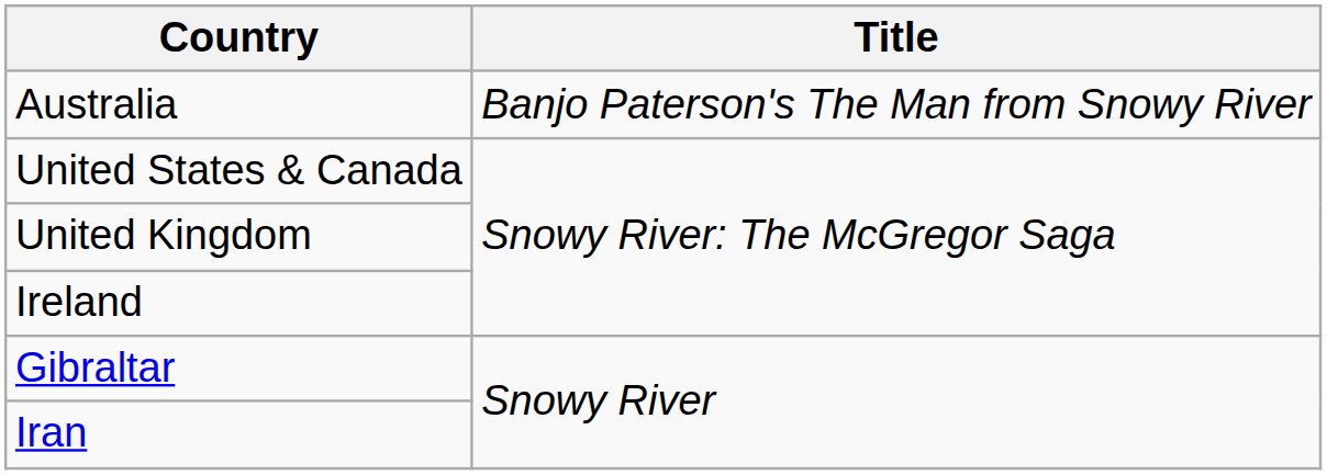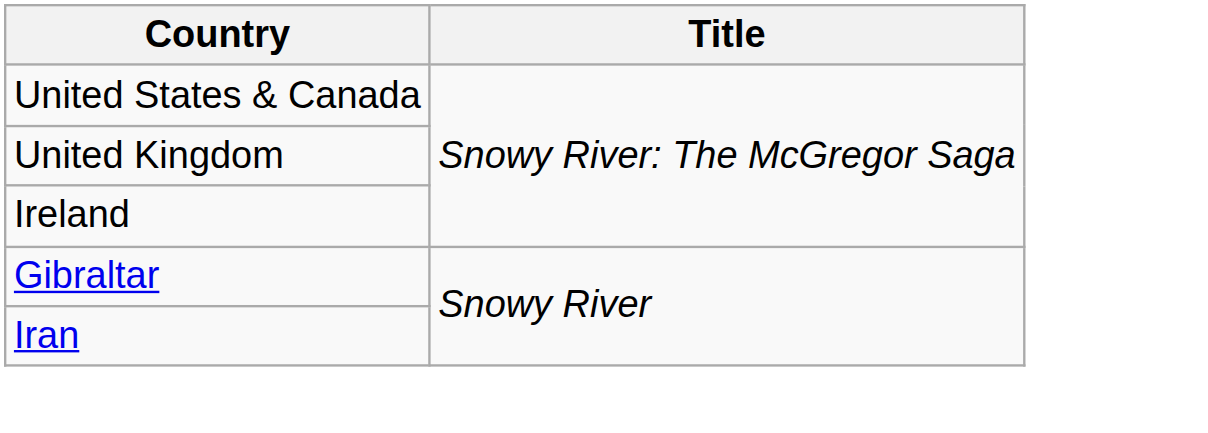 <table class="wikitable">
 <tr>
 <th>Country</th>
 <th>Title</th>
-</tr>
-<tr>
-<td>Australia</td>
-<td><em>Banjo Paterson's The Man from Snowy River</em></td>
 </tr>
 <tr>
 <td>United States & Canada</td>
 <td rowspan=3><em>Snowy River: The McGregor Saga</em></td>
 </tr>
 <tr>
 <td>United Kingdom</td>
 </tr>
 <tr>
 <td>Ireland</td>
 </tr>
 <tr>
 <td><a href='#'>Gibraltar</a></td>
 <td rowspan=2><em>Snowy River</em></td>
 </tr>
 <tr>
 <td><a href='#'>Iran</a></td>
 </tr>
 </table>
